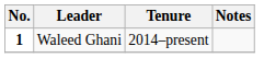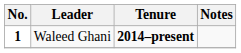 <table class="wikitable" style="text-align:center">
 <tr ->
 <th>No.</th>
 <th>Leader</th>
 <th>Tenure</th>
 <th>Notes</th>
 </tr>
 <tr ->
 <th style="background:white; color:black;">1</th>
 <td>Waleed Ghani</td>
-<td>2014–present</td>
+<td><strong>2014–present</strong></td>
 <td></td>
 </tr>
 <tr ->
 </tr>
 </table>
